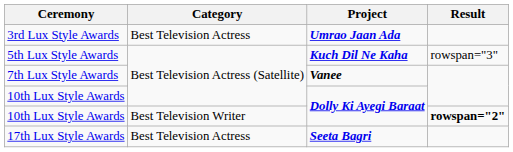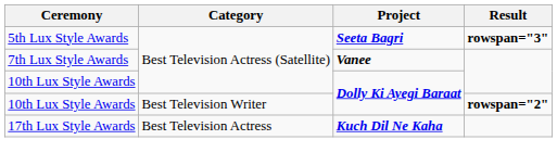 <table class="wikitable style">
 <tr>
 <th>Ceremony</th>
 <th>Category</th>
 <th>Project</th>
 <th>Result</th>
 </tr>
 <tr>
-<td><a href='#'>3rd Lux Style Awards</a></td>
-<td>Best Television Actress</td>
-<td><strong><em><a href='#'>Umrao Jaan Ada</a></em></strong></td>
-<td></td>
-</tr>
-<tr>
 <td><a href='#'>5th Lux Style Awards</a></td>
 <td rowspan="3">Best Television Actress (Satellite)</td>
-<td><strong><em><a href='#'>Kuch Dil Ne Kaha</a></em></strong></td>
-<td>rowspan="3" </td>
+<td><strong><em><a href='#'>Seeta Bagri</a></em></strong></td>
+<td><strong>rowspan="3" </strong></td>
 </tr>
 <tr>
 <td><a href='#'>7th Lux Style Awards</a></td>
 <td><strong><em>Vanee</em></strong></td>
 </tr>
 <tr>
 <td><a href='#'>10th Lux Style Awards</a></td>
 <td rowspan="2"><strong><em><a href='#'>Dolly Ki Ayegi Baraat</a></em></strong></td>
 </tr>
 <tr>
 <td><a href='#'>10th Lux Style Awards</a></td>
 <td>Best Television Writer</td>
 <td><strong>rowspan="2" </strong></td>
 </tr>
 <tr>
 <td><a href='#'>17th Lux Style Awards</a></td>
 <td>Best Television Actress</td>
-<td><strong><em><a href='#'>Seeta Bagri</a></em></strong></td>
+<td><strong><em><a href='#'>Kuch Dil Ne Kaha</a></em></strong></td>
 </tr>
 </table>
